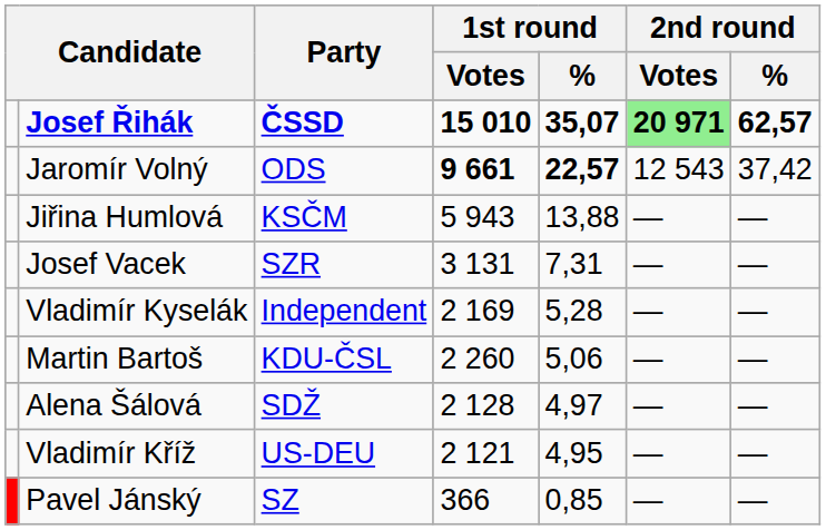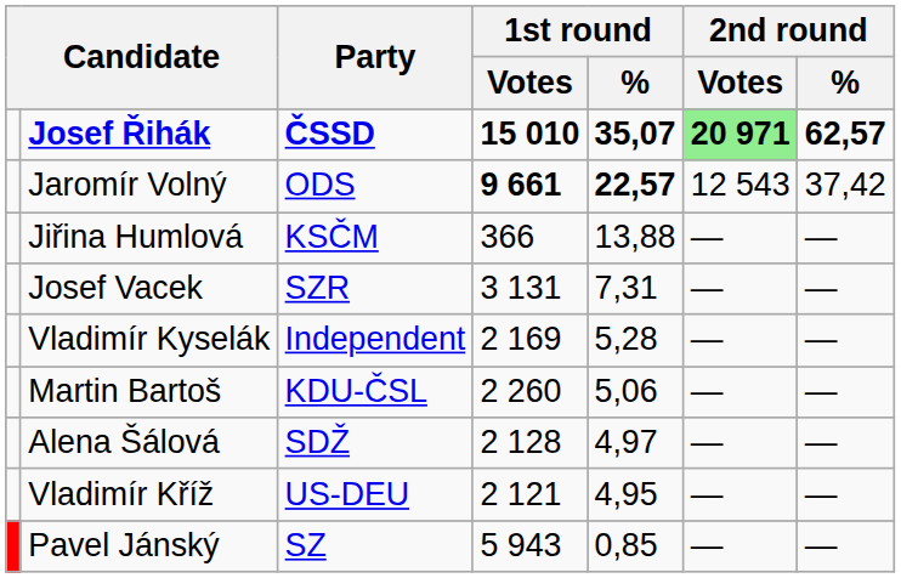 <table class="wikitable sortable">
 <tr>
 <th colspan="2" rowspan="2">Candidate</th>
 <th rowspan="2">Party</th>
 <th colspan="2">1st round</th>
 <th colspan="2">2nd round</th>
 </tr>
 <tr>
 <th>Votes</th>
 <th>%</th>
 <th>Votes</th>
 <th>%</th>
 </tr>
 <tr>
 <td style="background-color:"></td>
 <td><strong><a href='#'>Josef Řihák</a></strong></td>
 <td><a href='#'><strong>ČSSD</strong></a></td>
 <td><strong>15 010</strong></td>
 <td><strong>35,07</strong></td>
 <td style="background: lightgreen;"><strong>20 971</strong></td>
 <td><strong>62,57</strong></td>
 </tr>
 <tr>
 <td style="background-color:"></td>
 <td>Jaromír Volný</td>
 <td><a href='#'>ODS</a></td>
 <td><strong>9 661</strong></td>
 <td><strong>22,57</strong></td>
 <td>12 543</td>
 <td>37,42</td>
 </tr>
 <tr>
 <td style="background-color:"></td>
 <td>Jiřina Humlová</td>
 <td><a href='#'>KSČM</a></td>
-<td>5 943</td>
+<td>366</td>
 <td>13,88</td>
 <td>—</td>
 <td>—</td>
 </tr>
 <tr>
 <td style="background-color:"></td>
 <td>Josef Vacek</td>
 <td><a href='#'>SZR</a></td>
 <td>3 131</td>
 <td>7,31</td>
 <td>—</td>
 <td>—</td>
 </tr>
 <tr>
 <td style="background-color:"></td>
 <td>Vladimír Kyselák</td>
 <td><a href='#'>Independent</a></td>
 <td>2 169</td>
 <td>5,28</td>
 <td>—</td>
 <td>—</td>
 </tr>
 <tr>
 <td style="background-color:"></td>
 <td>Martin Bartoš</td>
 <td><a href='#'>KDU-ČSL</a></td>
 <td>2 260</td>
 <td>5,06</td>
 <td>—</td>
 <td>—</td>
 </tr>
 <tr>
 <td style="background-color:"></td>
 <td>Alena Šálová</td>
 <td><a href='#'>SDŽ</a></td>
 <td>2 128</td>
 <td>4,97</td>
 <td>—</td>
 <td>—</td>
 </tr>
 <tr>
 <td style="background-color:"></td>
 <td>Vladimír Kříž</td>
 <td><a href='#'>US-DEU</a></td>
 <td>2 121</td>
 <td>4,95</td>
 <td>—</td>
 <td>—</td>
 </tr>
 <tr>
 <td style="background-color:red;"></td>
 <td>Pavel Jánský</td>
 <td><a href='#'>SZ</a></td>
-<td>366</td>
+<td>5 943</td>
 <td>0,85</td>
 <td>—</td>
 <td>—</td>
 </tr>
 </table>
